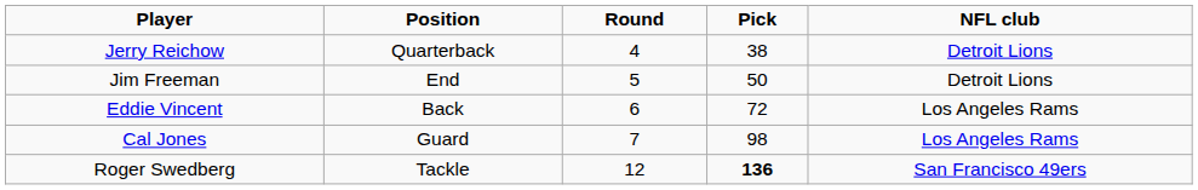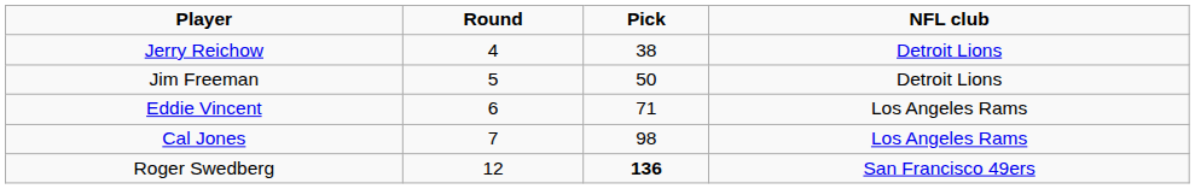 <table class="wikitable" width="80%">
 <tr align="center">
 <td><strong>Player</strong></td>
-<td><strong>Position</strong></td>
 <td><strong>Round</strong></td>
 <td><strong>Pick</strong></td>
 <td><strong>NFL club</strong></td>
 </tr>
 <tr align="center" bgcolor="">
 <td><a href='#'>Jerry Reichow</a></td>
-<td>Quarterback</td>
 <td>4</td>
 <td>38</td>
 <td><a href='#'>Detroit Lions</a></td>
 </tr>
 <tr align="center" bgcolor="">
 <td>Jim Freeman</td>
-<td>End</td>
 <td>5</td>
 <td>50</td>
 <td>Detroit Lions</td>
 </tr>
 <tr align="center" bgcolor="">
 <td><a href='#'>Eddie Vincent</a></td>
-<td>Back</td>
 <td>6</td>
-<td>72</td>
+<td>71</td>
 <td>Los Angeles Rams</td>
 </tr>
 <tr align="center" bgcolor="">
 <td><a href='#'>Cal Jones</a></td>
-<td>Guard</td>
 <td>7</td>
 <td>98</td>
 <td><a href='#'>Los Angeles Rams</a></td>
 </tr>
 <tr align="center" bgcolor="">
 <td>Roger Swedberg</td>
-<td>Tackle</td>
 <td>12</td>
 <td><strong>136</strong></td>
 <td><a href='#'>San Francisco 49ers</a></td>
 </tr>
 </table>
